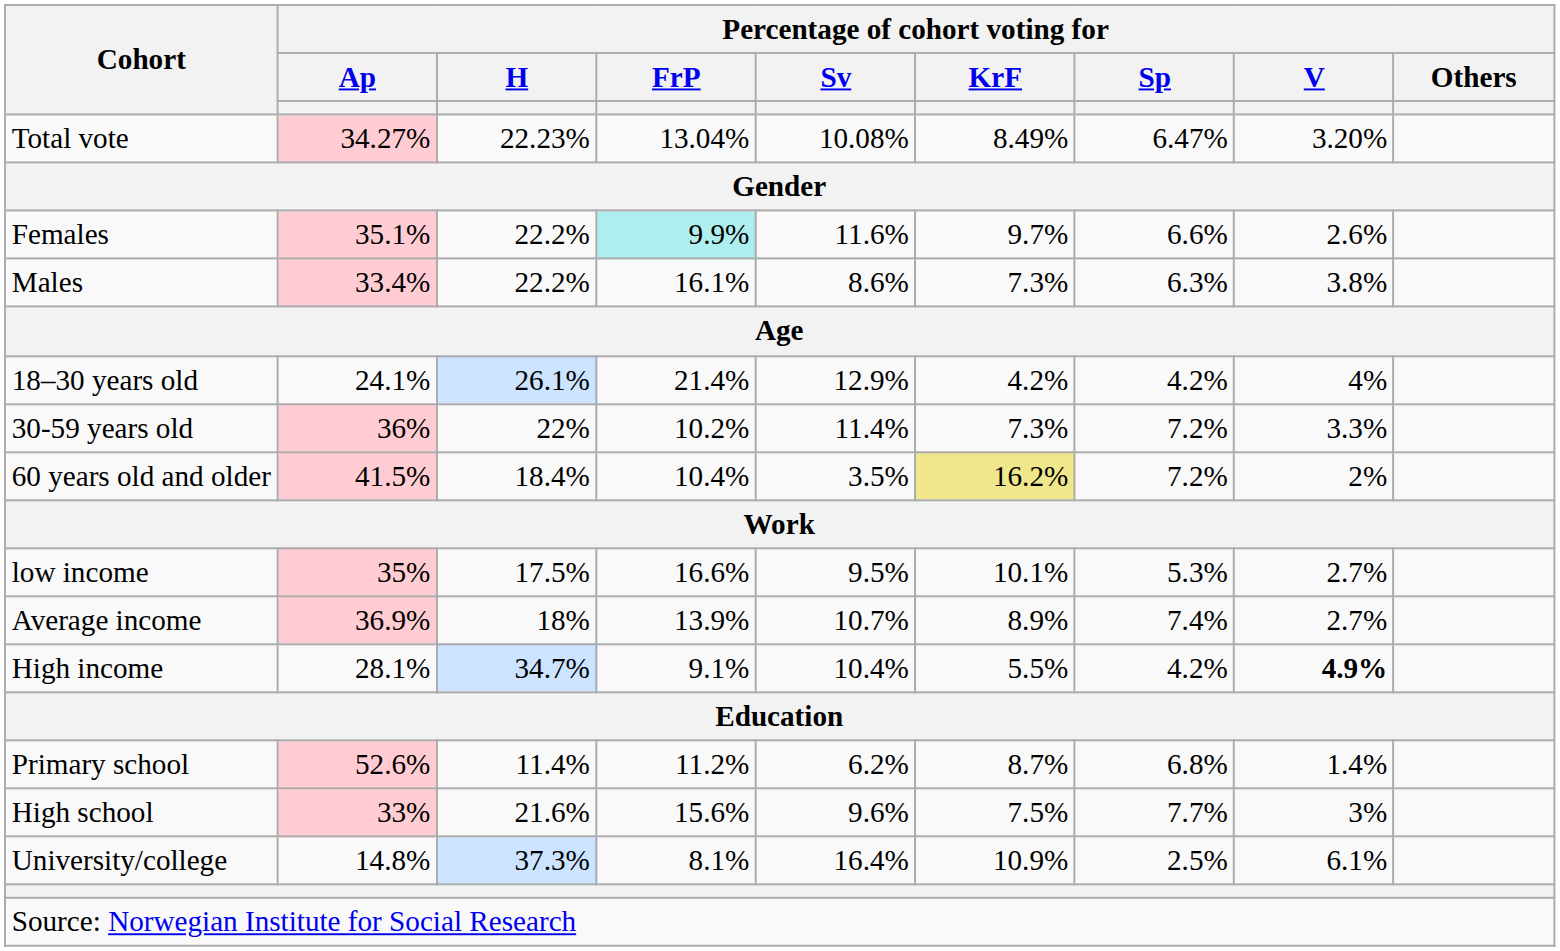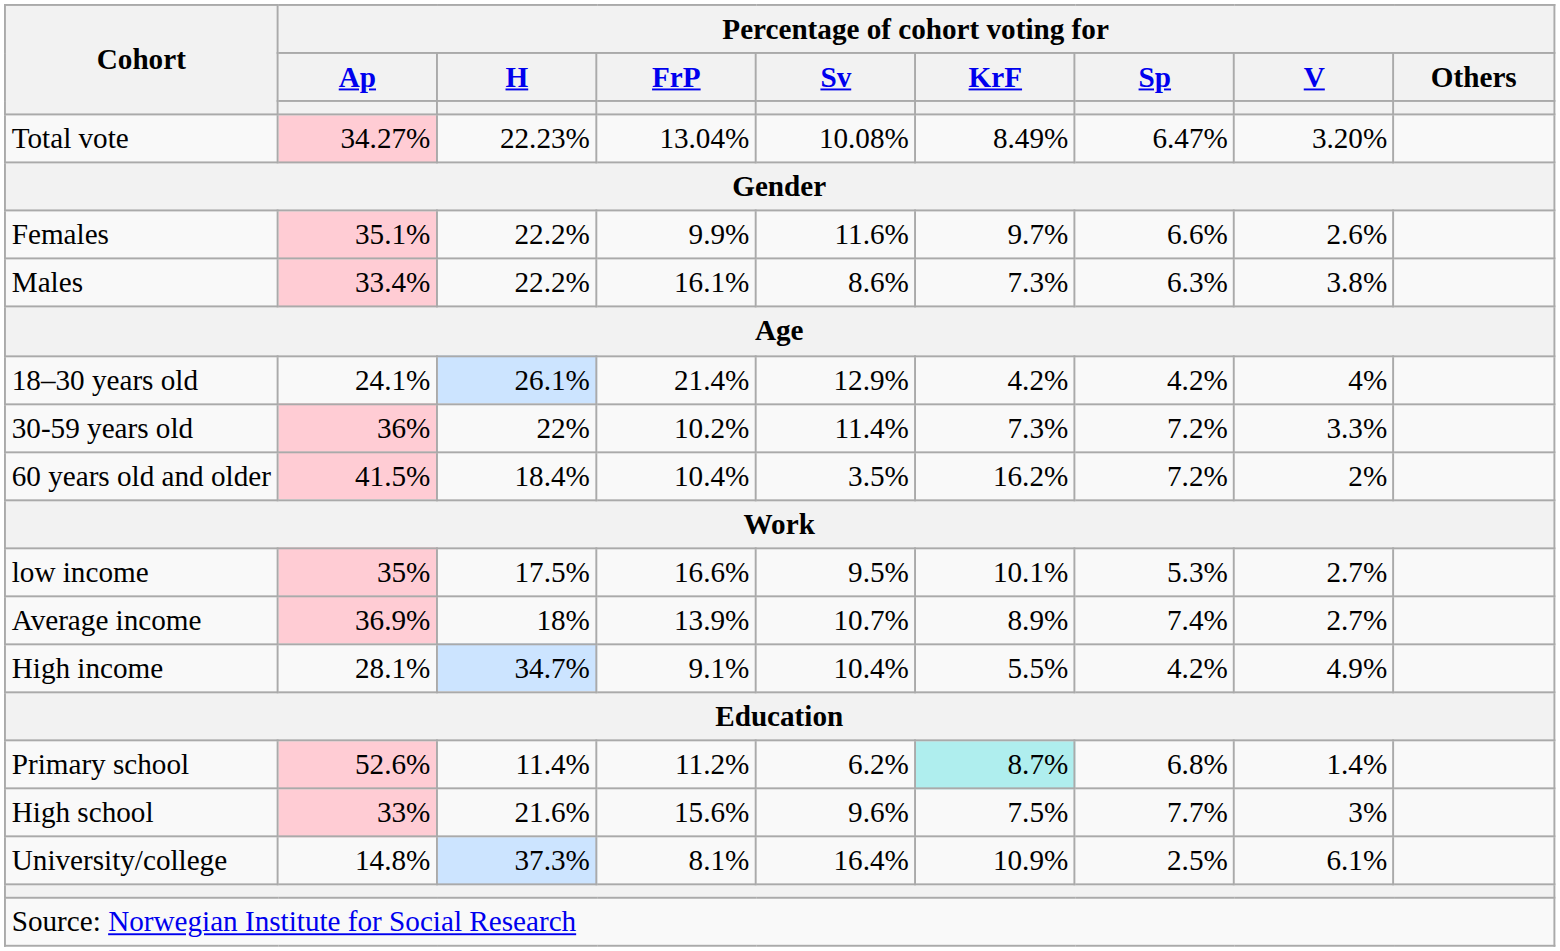 <table class="wikitable" style="text-align:right; font-size:95%;">
 <tr>
 <th rowspan="3">Cohort</th>
 <th colspan="8">Percentage of cohort voting for</th>
 </tr>
 <tr>
 <th scope="col" style="width:5em;"><a href='#'>Ap</a></th>
 <th scope="col" style="width:5em;"><a href='#'>H</a></th>
 <th scope="col" style="width:5em;"><a href='#'>FrP</a></th>
 <th scope="col" style="width:5em;"><a href='#'>Sv</a></th>
 <th scope="col" style="width:5em;"><a href='#'>KrF</a></th>
 <th scope="col" style="width:5em;"><a href='#'>Sp</a></th>
 <th scope="col" style="width:5em;"><a href='#'>V</a></th>
 <th scope="col" style="width:5em;">Others</th>
 </tr>
 <tr>
 <th style="background:"></th>
 <th style="background:"></th>
 <th style="background:"></th>
 <th style="background:"></th>
 <th style="background:"></th>
 <th style="background:"></th>
 <th style="background:"></th>
 <th style="background:"></th>
 </tr>
 <tr>
 <td align=left>Total vote</td>
 <td style="background:#ffccd4;">34.27%</td>
 <td>22.23%</td>
 <td>13.04%</td>
 <td>10.08%</td>
 <td>8.49%</td>
 <td>6.47%</td>
 <td>3.20%</td>
 <td></td>
 </tr>
 <tr>
 <th colspan="9">Gender</th>
 </tr>
 <tr>
 <td align=left>Females</td>
 <td style="background:#ffccd4;">35.1%</td>
 <td>22.2%</td>
-<td style="background: paleturquoise;">9.9%</td>
+<td>9.9%</td>
 <td>11.6%</td>
 <td>9.7%</td>
 <td>6.6%</td>
 <td>2.6%</td>
 <td></td>
 </tr>
 <tr>
 <td align=left>Males</td>
 <td style="background:#ffccd4;">33.4%</td>
 <td>22.2%</td>
 <td>16.1%</td>
 <td>8.6%</td>
 <td>7.3%</td>
 <td>6.3%</td>
 <td>3.8%</td>
 <td></td>
 </tr>
 <tr>
 <th colspan="9">Age</th>
 </tr>
 <tr>
 <td align=left>18–30 years old</td>
 <td>24.1%</td>
 <td style="background:#cce4ff;">26.1%</td>
 <td>21.4%</td>
 <td>12.9%</td>
 <td>4.2%</td>
 <td>4.2%</td>
 <td>4%</td>
 <td></td>
 </tr>
 <tr>
 <td align=left>30-59 years old</td>
 <td style="background:#ffccd4;">36%</td>
 <td>22%</td>
 <td>10.2%</td>
 <td>11.4%</td>
 <td>7.3%</td>
 <td>7.2%</td>
 <td>3.3%</td>
 <td></td>
 </tr>
 <tr>
 <td align=left>60 years old and older</td>
 <td style="background:#ffccd4;">41.5%</td>
 <td>18.4%</td>
 <td>10.4%</td>
 <td>3.5%</td>
-<td style="background: khaki;">16.2%</td>
+<td>16.2%</td>
 <td>7.2%</td>
 <td>2%</td>
 <td></td>
 </tr>
 <tr>
 <th colspan="9">Work</th>
 </tr>
 <tr>
 <td align=left>low income</td>
 <td style="background:#ffccd4;">35%</td>
 <td>17.5%</td>
 <td>16.6%</td>
 <td>9.5%</td>
 <td>10.1%</td>
 <td>5.3%</td>
 <td>2.7%</td>
 <td></td>
 </tr>
 <tr>
 <td align=left>Average income</td>
 <td style="background:#ffccd4;">36.9%</td>
 <td>18%</td>
 <td>13.9%</td>
 <td>10.7%</td>
 <td>8.9%</td>
 <td>7.4%</td>
 <td>2.7%</td>
 <td></td>
 </tr>
 <tr>
 <td align=left>High income</td>
 <td>28.1%</td>
 <td style="background:#cce4ff;">34.7%</td>
 <td>9.1%</td>
 <td>10.4%</td>
 <td>5.5%</td>
 <td>4.2%</td>
-<td><strong>4.9%</strong></td>
+<td>4.9%</td>
 <td></td>
 </tr>
 <tr>
 <th colspan="9">Education</th>
 </tr>
 <tr>
 <td align=left>Primary school</td>
 <td style="background:#ffccd4;">52.6%</td>
 <td>11.4%</td>
 <td>11.2%</td>
 <td>6.2%</td>
-<td>8.7%</td>
+<td style="background: paleturquoise;">8.7%</td>
 <td>6.8%</td>
 <td>1.4%</td>
 <td></td>
 </tr>
 <tr>
 <td align=left>High school</td>
 <td style="background:#ffccd4;">33%</td>
 <td>21.6%</td>
 <td>15.6%</td>
 <td>9.6%</td>
 <td>7.5%</td>
 <td>7.7%</td>
 <td>3%</td>
 <td></td>
 </tr>
 <tr>
 <td align=left>University/college</td>
 <td>14.8%</td>
 <td style="background:#cce4ff;">37.3%</td>
 <td>8.1%</td>
 <td>16.4%</td>
 <td>10.9%</td>
 <td>2.5%</td>
 <td>6.1%</td>
 <td></td>
 </tr>
 <tr>
 <th colspan="11!"></th>
 </tr>
 <tr>
 <td align=left colspan="9">Source: <a href='#'>Norwegian Institute for Social Research</a></td>
 </tr>
 </table>
